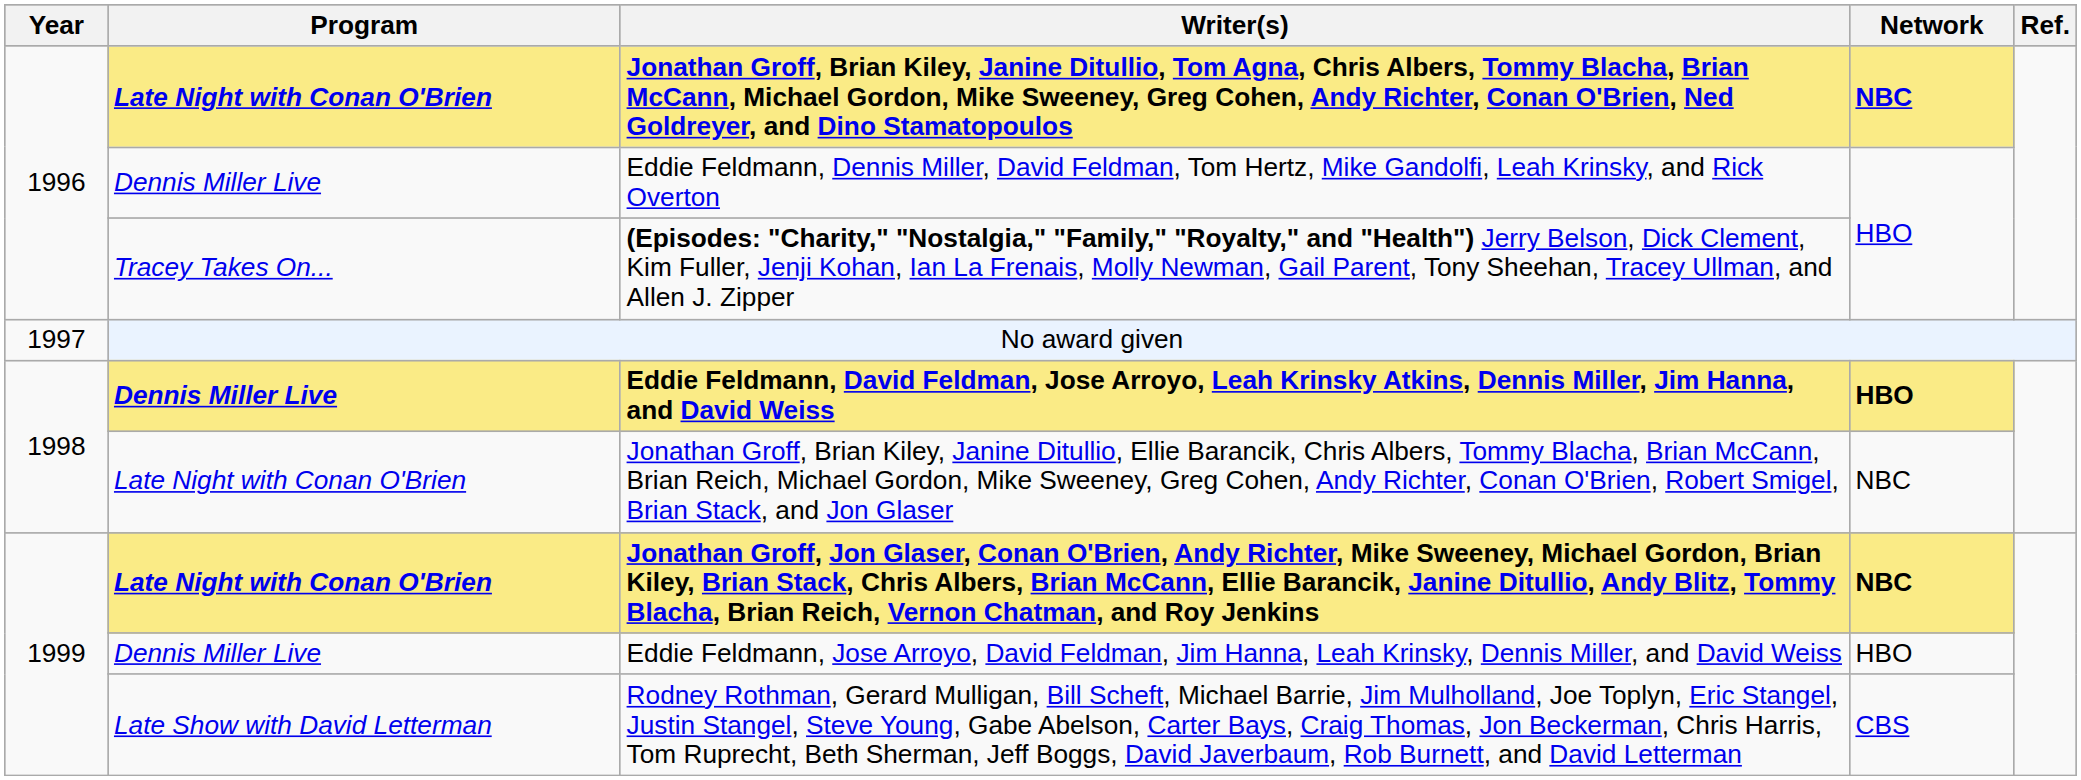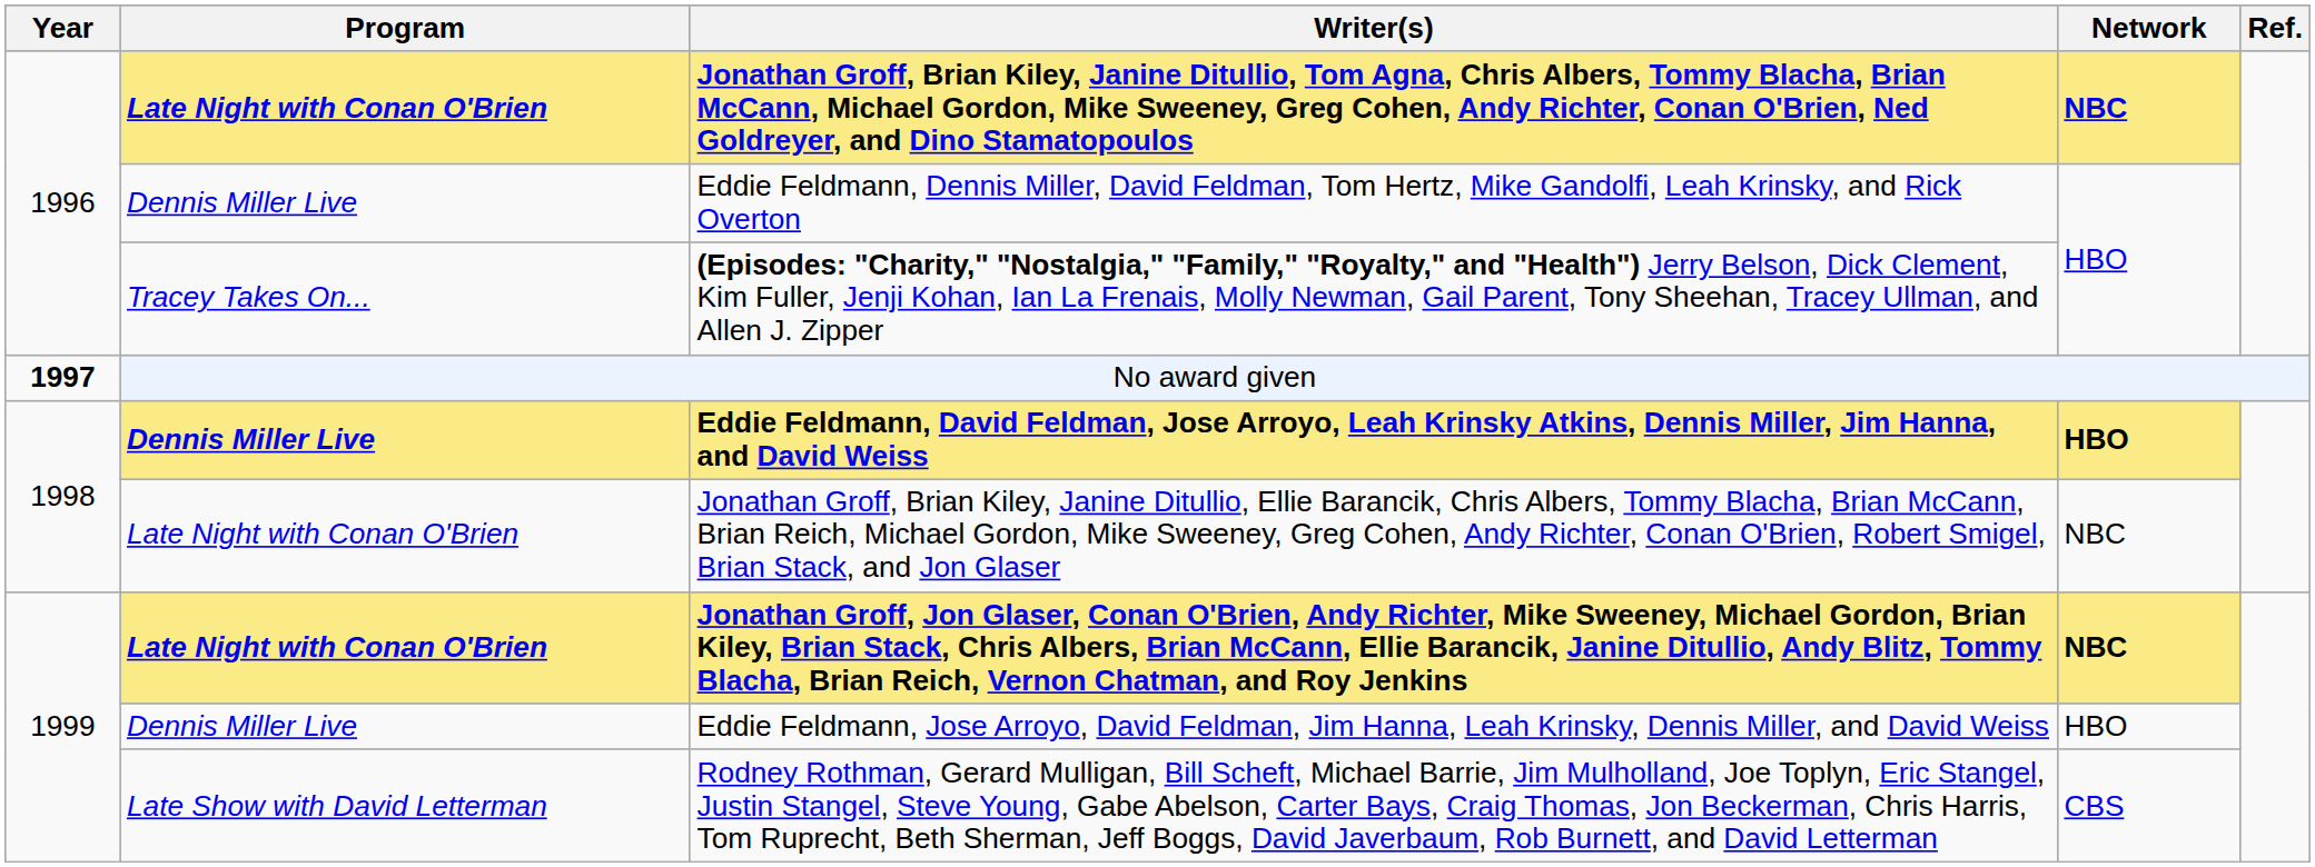 <table class="wikitable" style="width:100%">
 <tr bgcolor="#CCCCCC" align="center">
 <th width="5%">Year</th>
 <th width="25%">Program</th>
 <th width="60%">Writer(s)</th>
 <th width="8%">Network</th>
 <th width="5%">Ref.</th>
 </tr>
 <tr>
 <td rowspan="3" style="text-align:center;">1996<br></td>
 <td style="background:#FAEB86;"><strong><em><a href='#'>Late Night with Conan O'Brien</a></em></strong></td>
 <td style="background:#FAEB86;"><strong><a href='#'>Jonathan Groff</a>, Brian Kiley, <a href='#'>Janine Ditullio</a>, <a href='#'>Tom Agna</a>, Chris Albers, <a href='#'>Tommy Blacha</a>, <a href='#'>Brian McCann</a>, Michael Gordon, Mike Sweeney, Greg Cohen, <a href='#'>Andy Richter</a>, <a href='#'>Conan O'Brien</a>, <a href='#'>Ned Goldreyer</a>, and <a href='#'>Dino Stamatopoulos</a></strong></td>
 <td style="background:#FAEB86;"><strong><a href='#'>NBC</a></strong></td>
 <td rowspan=3 style="text-align:center;"></td>
 </tr>
 <tr>
 <td><em><a href='#'>Dennis Miller Live</a></em></td>
 <td>Eddie Feldmann, <a href='#'>Dennis Miller</a>, <a href='#'>David Feldman</a>, Tom Hertz, <a href='#'>Mike Gandolfi</a>, <a href='#'>Leah Krinsky</a>, and <a href='#'>Rick Overton</a></td>
 <td rowspan=2><a href='#'>HBO</a></td>
 </tr>
 <tr>
 <td><em><a href='#'>Tracey Takes On...</a></em></td>
 <td><strong>(Episodes: "Charity," "Nostalgia," "Family," "Royalty," and "Health")</strong> <a href='#'>Jerry Belson</a>, <a href='#'>Dick Clement</a>, Kim Fuller, <a href='#'>Jenji Kohan</a>, <a href='#'>Ian La Frenais</a>, <a href='#'>Molly Newman</a>, <a href='#'>Gail Parent</a>, Tony Sheehan, <a href='#'>Tracey Ullman</a>, and Allen J. Zipper</td>
 </tr>
 <tr>
-<td rowspan="1" style="text-align:center;">1997<br></td>
+<td rowspan="1" style="text-align:center;"><strong>1997<br></strong></td>
 <td colspan="4" style="background:#eaf3ff; text-align:center;">No award given</td>
 </tr>
 <tr>
 <td rowspan="2" style="text-align:center;">1998<br></td>
 <td style="background:#FAEB86;"><strong><em><a href='#'>Dennis Miller Live</a></em></strong></td>
 <td style="background:#FAEB86;"><strong>Eddie Feldmann, <a href='#'>David Feldman</a>, Jose Arroyo, <a href='#'>Leah Krinsky Atkins</a>, <a href='#'>Dennis Miller</a>, <a href='#'>Jim Hanna</a>, and <a href='#'>David Weiss</a></strong></td>
 <td style="background:#FAEB86;"><strong>HBO</strong></td>
 <td rowspan=2 style="text-align:center;"></td>
 </tr>
 <tr>
 <td><em><a href='#'>Late Night with Conan O'Brien</a></em></td>
 <td><a href='#'>Jonathan Groff</a>, Brian Kiley, <a href='#'>Janine Ditullio</a>, Ellie Barancik, Chris Albers, <a href='#'>Tommy Blacha</a>, <a href='#'>Brian McCann</a>, Brian Reich, Michael Gordon, Mike Sweeney, Greg Cohen, <a href='#'>Andy Richter</a>, <a href='#'>Conan O'Brien</a>, <a href='#'>Robert Smigel</a>, <a href='#'>Brian Stack</a>, and <a href='#'>Jon Glaser</a></td>
 <td>NBC</td>
 </tr>
 <tr>
 <td rowspan="3" style="text-align:center;">1999<br></td>
 <td style="background:#FAEB86;"><strong><em><a href='#'>Late Night with Conan O'Brien</a></em></strong></td>
 <td style="background:#FAEB86;"><strong><a href='#'>Jonathan Groff</a>, <a href='#'>Jon Glaser</a>, <a href='#'>Conan O'Brien</a>, <a href='#'>Andy Richter</a>, Mike Sweeney, Michael Gordon, Brian Kiley, <a href='#'>Brian Stack</a>, Chris Albers, <a href='#'>Brian McCann</a>, Ellie Barancik, <a href='#'>Janine Ditullio</a>, <a href='#'>Andy Blitz</a>, <a href='#'>Tommy Blacha</a>, Brian Reich, <a href='#'>Vernon Chatman</a>, and Roy Jenkins</strong></td>
 <td style="background:#FAEB86;"><strong>NBC</strong></td>
 <td rowspan=3 style="text-align:center;"></td>
 </tr>
 <tr>
 <td><em><a href='#'>Dennis Miller Live</a></em></td>
 <td>Eddie Feldmann, <a href='#'>Jose Arroyo</a>, <a href='#'>David Feldman</a>, <a href='#'>Jim Hanna</a>, <a href='#'>Leah Krinsky</a>, <a href='#'>Dennis Miller</a>, and <a href='#'>David Weiss</a></td>
 <td>HBO</td>
 </tr>
 <tr>
 <td><em><a href='#'>Late Show with David Letterman</a></em></td>
 <td><a href='#'>Rodney Rothman</a>, Gerard Mulligan, <a href='#'>Bill Scheft</a>, Michael Barrie, <a href='#'>Jim Mulholland</a>, Joe Toplyn, <a href='#'>Eric Stangel</a>, <a href='#'>Justin Stangel</a>, <a href='#'>Steve Young</a>, Gabe Abelson, <a href='#'>Carter Bays</a>, <a href='#'>Craig Thomas</a>, <a href='#'>Jon Beckerman</a>, Chris Harris, Tom Ruprecht, Beth Sherman, Jeff Boggs, <a href='#'>David Javerbaum</a>, <a href='#'>Rob Burnett</a>, and <a href='#'>David Letterman</a></td>
 <td><a href='#'>CBS</a></td>
 </tr>
 <tr>
 </tr>
 </table>
